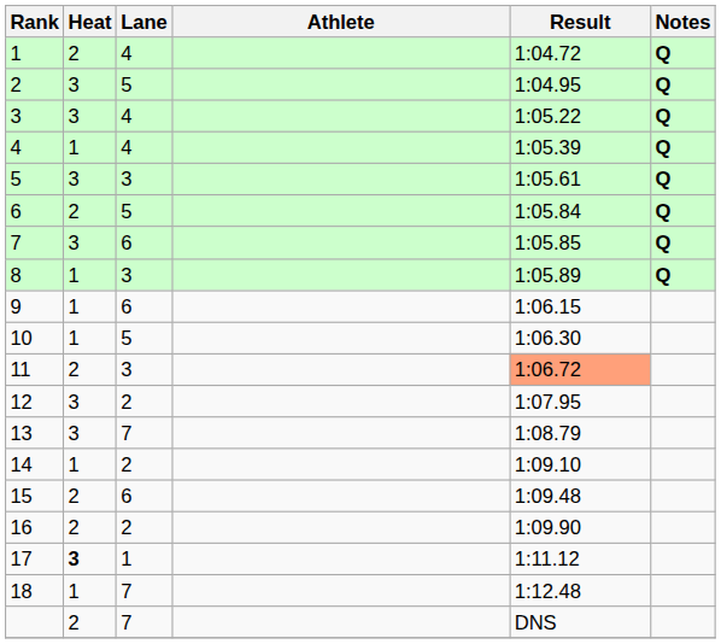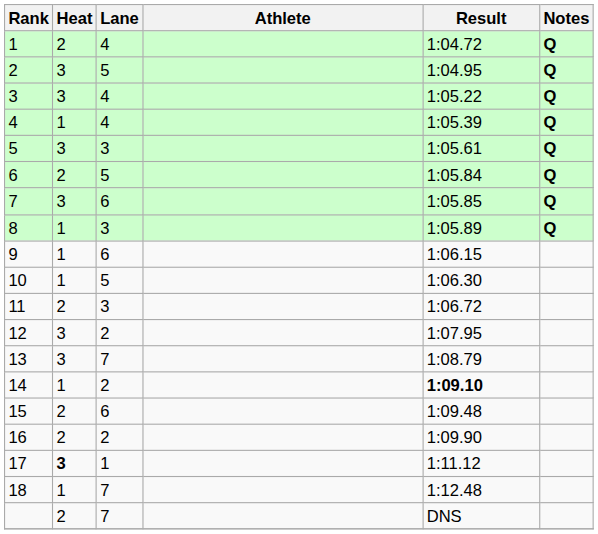 <table class="wikitable" style="font-size:95%" style="width:35em;" style="text-align:center">
 <tr>
 <th>Rank</th>
 <th>Heat</th>
 <th>Lane</th>
 <th width=250>Athlete</th>
 <th width=100>Result</th>
 <th>Notes</th>
 </tr>
 <tr bgcolor=ccffcc>
 <td>1</td>
 <td>2</td>
 <td>4</td>
 <td align=left></td>
 <td>1:04.72</td>
 <td><strong>Q</strong></td>
 </tr>
 <tr bgcolor=ccffcc>
 <td>2</td>
 <td>3</td>
 <td>5</td>
 <td align=left></td>
 <td>1:04.95</td>
 <td><strong>Q</strong></td>
 </tr>
 <tr bgcolor=ccffcc>
 <td>3</td>
 <td>3</td>
 <td>4</td>
 <td align=left></td>
 <td>1:05.22</td>
 <td><strong>Q</strong></td>
 </tr>
 <tr bgcolor=ccffcc>
 <td>4</td>
 <td>1</td>
 <td>4</td>
 <td align=left></td>
 <td>1:05.39</td>
 <td><strong>Q</strong></td>
 </tr>
 <tr bgcolor=ccffcc>
 <td>5</td>
 <td>3</td>
 <td>3</td>
 <td align=left></td>
 <td>1:05.61</td>
 <td><strong>Q</strong></td>
 </tr>
 <tr bgcolor=ccffcc>
 <td>6</td>
 <td>2</td>
 <td>5</td>
 <td align=left></td>
 <td>1:05.84</td>
 <td><strong>Q</strong></td>
 </tr>
 <tr bgcolor=ccffcc>
 <td>7</td>
 <td>3</td>
 <td>6</td>
 <td align=left></td>
 <td>1:05.85</td>
 <td><strong>Q</strong></td>
 </tr>
 <tr bgcolor=ccffcc>
 <td>8</td>
 <td>1</td>
 <td>3</td>
 <td align=left></td>
 <td>1:05.89</td>
 <td><strong>Q</strong></td>
 </tr>
 <tr>
 <td>9</td>
 <td>1</td>
 <td>6</td>
 <td align=left></td>
 <td>1:06.15</td>
 <td></td>
 </tr>
 <tr>
 <td>10</td>
 <td>1</td>
 <td>5</td>
 <td align=left></td>
 <td>1:06.30</td>
 <td></td>
 </tr>
 <tr>
 <td>11</td>
 <td>2</td>
 <td>3</td>
 <td align=left></td>
-<td style="background: lightsalmon;">1:06.72</td>
+<td>1:06.72</td>
 <td></td>
 </tr>
 <tr>
 <td>12</td>
 <td>3</td>
 <td>2</td>
 <td align=left></td>
 <td>1:07.95</td>
 <td></td>
 </tr>
 <tr>
 <td>13</td>
 <td>3</td>
 <td>7</td>
 <td align=left></td>
 <td>1:08.79</td>
 <td></td>
 </tr>
 <tr>
 <td>14</td>
 <td>1</td>
 <td>2</td>
 <td align=left></td>
-<td>1:09.10</td>
+<td><strong>1:09.10</strong></td>
 <td></td>
 </tr>
 <tr>
 <td>15</td>
 <td>2</td>
 <td>6</td>
 <td align=left></td>
 <td>1:09.48</td>
 <td></td>
 </tr>
 <tr>
 <td>16</td>
 <td>2</td>
 <td>2</td>
 <td align=left></td>
 <td>1:09.90</td>
 <td></td>
 </tr>
 <tr>
 <td>17</td>
 <td><strong>3</strong></td>
 <td>1</td>
 <td align=left></td>
 <td>1:11.12</td>
 <td></td>
 </tr>
 <tr>
 <td>18</td>
 <td>1</td>
 <td>7</td>
 <td align=left></td>
 <td>1:12.48</td>
 <td></td>
 </tr>
 <tr>
 <td></td>
 <td>2</td>
 <td>7</td>
 <td align=left></td>
 <td>DNS</td>
 <td></td>
 </tr>
 <tr>
 </tr>
 </table>
